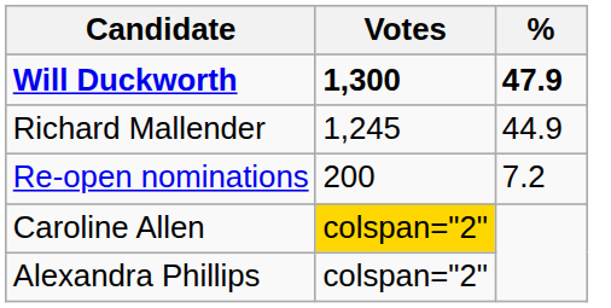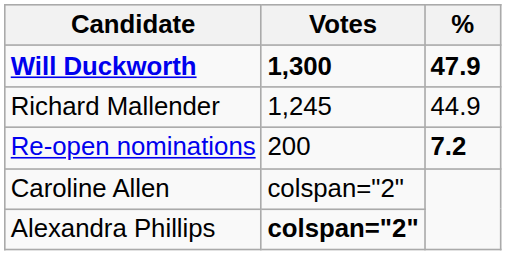 <table class="wikitable" text-align:right"|>
 <tr>
 <th>Candidate</th>
 <th style="width: 50px">Votes</th>
 <th style="width: 40px">%</th>
 </tr>
 <tr>
 <td><strong><a href='#'>Will Duckworth</a></strong></td>
 <td><strong>1,300</strong></td>
 <td><strong>47.9</strong></td>
 </tr>
 <tr>
 <td>Richard Mallender</td>
 <td>1,245</td>
 <td>44.9</td>
 </tr>
 <tr>
 <td><a href='#'>Re-open nominations</a></td>
 <td>200</td>
-<td>7.2</td>
+<td><strong>7.2</strong></td>
 </tr>
 <tr>
 <td>Caroline Allen</td>
-<td style="background: gold;">colspan="2" </td>
+<td>colspan="2" </td>
 </tr>
 <tr>
 <td>Alexandra Phillips</td>
-<td>colspan="2" </td>
+<td><strong>colspan="2" </strong></td>
 </tr>
 </table>
